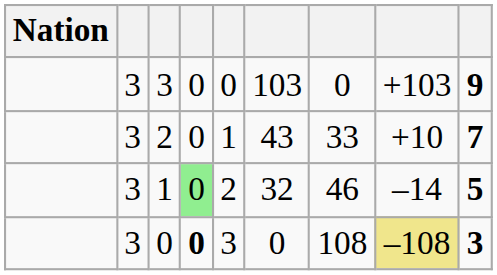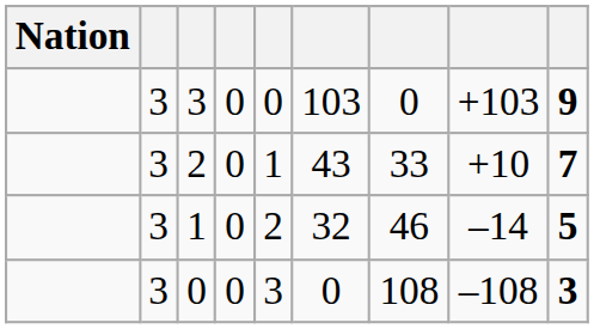 <table class="wikitable" style="text-align: center;">
 <tr>
 <th>Nation</th>
 <th></th>
 <th></th>
 <th></th>
 <th></th>
 <th></th>
 <th></th>
 <th></th>
 <th></th>
 </tr>
 <tr>
 <td align="left"></td>
 <td>3</td>
 <td>3</td>
 <td>0</td>
 <td>0</td>
 <td>103</td>
 <td>0</td>
 <td>+103</td>
 <td><strong>9</strong></td>
 </tr>
 <tr>
 <td align="left"></td>
 <td>3</td>
 <td>2</td>
 <td>0</td>
 <td>1</td>
 <td>43</td>
 <td>33</td>
 <td>+10</td>
 <td><strong>7</strong></td>
 </tr>
 <tr>
 <td align="left"></td>
 <td>3</td>
 <td>1</td>
-<td style="background: lightgreen;">0</td>
+<td>0</td>
 <td>2</td>
 <td>32</td>
 <td>46</td>
 <td>–14</td>
 <td><strong>5</strong></td>
 </tr>
 <tr>
 <td align="left"></td>
 <td>3</td>
 <td>0</td>
-<td><strong>0</strong></td>
+<td>0</td>
 <td>3</td>
 <td>0</td>
 <td>108</td>
-<td style="background: khaki;">–108</td>
+<td>–108</td>
 <td><strong>3</strong></td>
 </tr>
 </table>
